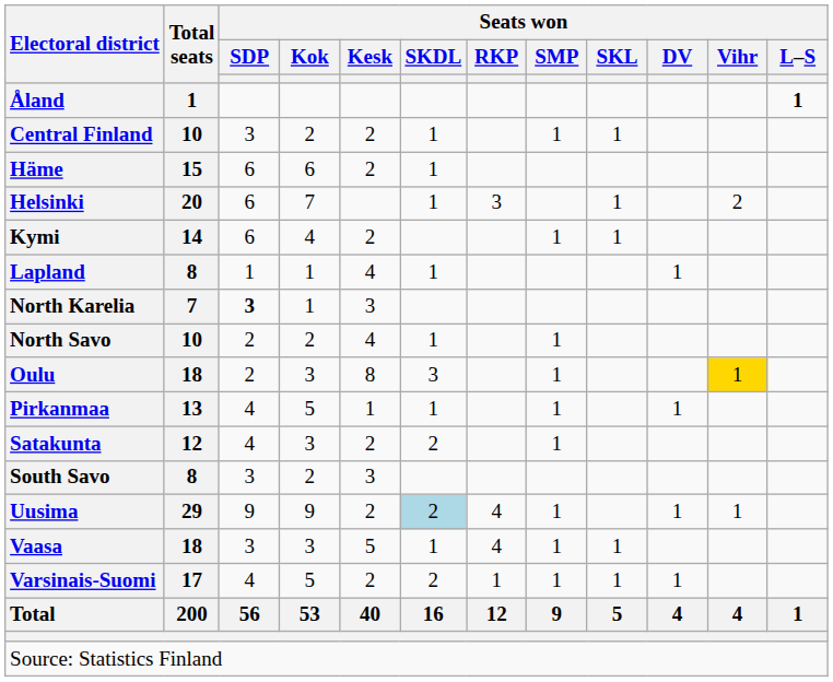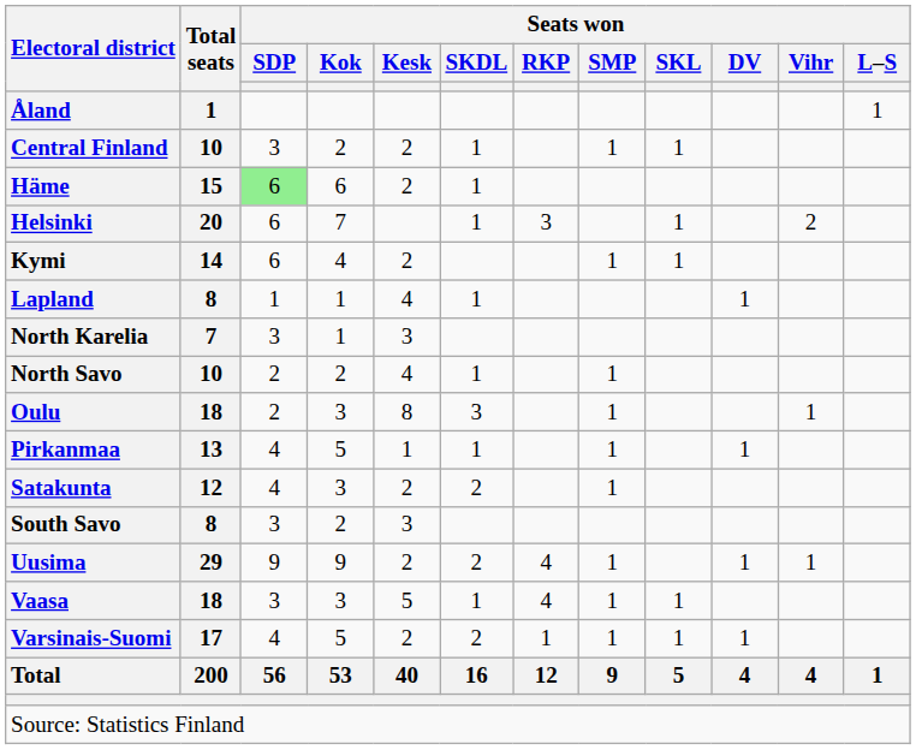 <table class="wikitable" style="text-align:center; font-size: 0.9em;">
 <tr>
 <th rowspan="3"><a href='#'>Electoral district</a></th>
 <th rowspan="3">Total<br>seats</th>
 <th colspan="10">Seats won</th>
 </tr>
 <tr>
 <th class="unsortable" style="width:35px;"><a href='#'>SDP</a></th>
 <th class="unsortable" style="width:35px;"><a href='#'>Kok</a></th>
 <th class="unsortable" style="width:35px;"><a href='#'>Kesk</a></th>
 <th class="unsortable" style="width:35px;"><a href='#'>SKDL</a></th>
 <th class="unsortable" style="width:35px;"><a href='#'>RKP</a></th>
 <th class="unsortable" style="width:35px;"><a href='#'>SMP</a></th>
 <th class="unsortable" style="width:35px;"><a href='#'>SKL</a></th>
 <th class="unsortable" style="width:35px;"><a href='#'>DV</a></th>
 <th class="unsortable" style="width:35px;"><a href='#'>Vihr</a></th>
 <th class="unsortable" style="width:35px;"><a href='#'>L</a>–<a href='#'>S</a></th>
 </tr>
 <tr>
 <th style="background:"></th>
 <th style="background:"></th>
 <th style="background:"></th>
 <th style="background:"></th>
 <th style="background:"></th>
 <th style="background:"></th>
 <th style="background:"></th>
 <th style="background:"></th>
 <th style="background:"></th>
 <th style="background:"></th>
 </tr>
 <tr>
 <th style="text-align: left;"><a href='#'>Åland</a></th>
 <th>1</th>
 <td></td>
 <td></td>
 <td></td>
 <td></td>
 <td></td>
 <td></td>
 <td></td>
 <td></td>
 <td></td>
-<td><strong>1</strong></td>
+<td>1</td>
 </tr>
 <tr>
 <th style="text-align: left;"><a href='#'>Central Finland</a></th>
 <th>10</th>
 <td>3</td>
 <td>2</td>
 <td>2</td>
 <td>1</td>
 <td></td>
 <td>1</td>
 <td>1</td>
 <td></td>
 <td></td>
 <td></td>
 </tr>
 <tr>
 <th style="text-align: left;"><a href='#'>Häme</a></th>
 <th>15</th>
-<td>6</td>
+<td style="background: lightgreen;">6</td>
 <td>6</td>
 <td>2</td>
 <td>1</td>
 <td></td>
 <td></td>
 <td></td>
 <td></td>
 <td></td>
 <td></td>
 </tr>
 <tr>
 <th style="text-align: left;"><a href='#'>Helsinki</a></th>
 <th>20</th>
 <td>6</td>
 <td>7</td>
 <td></td>
 <td>1</td>
 <td>3</td>
 <td></td>
 <td>1</td>
 <td></td>
 <td>2</td>
 <td></td>
 </tr>
 <tr>
 <th style="text-align: left;">Kymi</th>
 <th>14</th>
 <td>6</td>
 <td>4</td>
 <td>2</td>
 <td></td>
 <td></td>
 <td>1</td>
 <td>1</td>
 <td></td>
 <td></td>
 <td></td>
 </tr>
 <tr>
 <th style="text-align: left;"><a href='#'>Lapland</a></th>
 <th>8</th>
 <td>1</td>
 <td>1</td>
 <td>4</td>
 <td>1</td>
 <td></td>
 <td></td>
 <td></td>
 <td>1</td>
 <td></td>
 <td></td>
 </tr>
 <tr>
 <th style="text-align: left;">North Karelia</th>
 <th>7</th>
-<td><strong>3</strong></td>
+<td>3</td>
 <td>1</td>
 <td>3</td>
 <td></td>
 <td></td>
 <td></td>
 <td></td>
 <td></td>
 <td></td>
 <td></td>
 </tr>
 <tr>
 <th style="text-align: left;">North Savo</th>
 <th>10</th>
 <td>2</td>
 <td>2</td>
 <td>4</td>
 <td>1</td>
 <td></td>
 <td>1</td>
 <td></td>
 <td></td>
 <td></td>
 <td></td>
 </tr>
 <tr>
 <th style="text-align: left;"><a href='#'>Oulu</a></th>
 <th>18</th>
 <td>2</td>
 <td>3</td>
 <td>8</td>
 <td>3</td>
 <td></td>
 <td>1</td>
 <td></td>
 <td></td>
-<td style="background: gold;">1</td>
+<td>1</td>
 <td></td>
 </tr>
 <tr>
 <th style="text-align: left;"><a href='#'>Pirkanmaa</a></th>
 <th>13</th>
 <td>4</td>
 <td>5</td>
 <td>1</td>
 <td>1</td>
 <td></td>
 <td>1</td>
 <td></td>
 <td>1</td>
 <td></td>
 <td></td>
 </tr>
 <tr>
 <th style="text-align: left;"><a href='#'>Satakunta</a></th>
 <th>12</th>
 <td>4</td>
 <td>3</td>
 <td>2</td>
 <td>2</td>
 <td></td>
 <td>1</td>
 <td></td>
 <td></td>
 <td></td>
 <td></td>
 </tr>
 <tr>
 <th style="text-align: left;">South Savo</th>
 <th>8</th>
 <td>3</td>
 <td>2</td>
 <td>3</td>
 <td></td>
 <td></td>
 <td></td>
 <td></td>
 <td></td>
 <td></td>
 <td></td>
 </tr>
 <tr>
 <th style="text-align: left;"><a href='#'>Uusima</a></th>
 <th>29</th>
 <td>9</td>
 <td>9</td>
 <td>2</td>
-<td style="background: lightblue;">2</td>
+<td>2</td>
 <td>4</td>
 <td>1</td>
 <td></td>
 <td>1</td>
 <td>1</td>
 <td></td>
 </tr>
 <tr>
 <th style="text-align: left;"><a href='#'>Vaasa</a></th>
 <th>18</th>
 <td>3</td>
 <td>3</td>
 <td>5</td>
 <td>1</td>
 <td>4</td>
 <td>1</td>
 <td>1</td>
 <td></td>
 <td></td>
 <td></td>
 </tr>
 <tr>
 <th style="text-align: left;"><a href='#'>Varsinais-Suomi</a></th>
 <th>17</th>
 <td>4</td>
 <td>5</td>
 <td>2</td>
 <td>2</td>
 <td>1</td>
 <td>1</td>
 <td>1</td>
 <td>1</td>
 <td></td>
 <td></td>
 </tr>
 <tr class="sortbottom">
 <th style="text-align: left;">Total</th>
 <th>200</th>
 <th>56</th>
 <th>53</th>
 <th>40</th>
 <th>16</th>
 <th>12</th>
 <th>9</th>
 <th>5</th>
 <th>4</th>
 <th>4</th>
 <th>1</th>
 </tr>
 <tr>
 <th colspan="12"></th>
 </tr>
 <tr>
 <td colspan="12" align=left>Source: Statistics Finland</td>
 </tr>
 </table>
